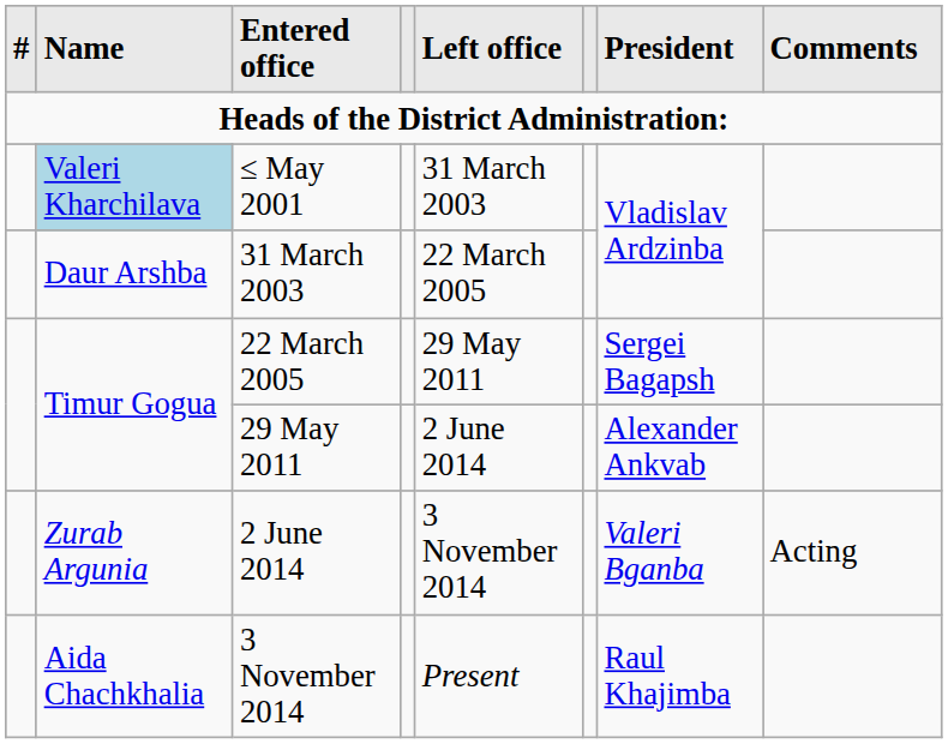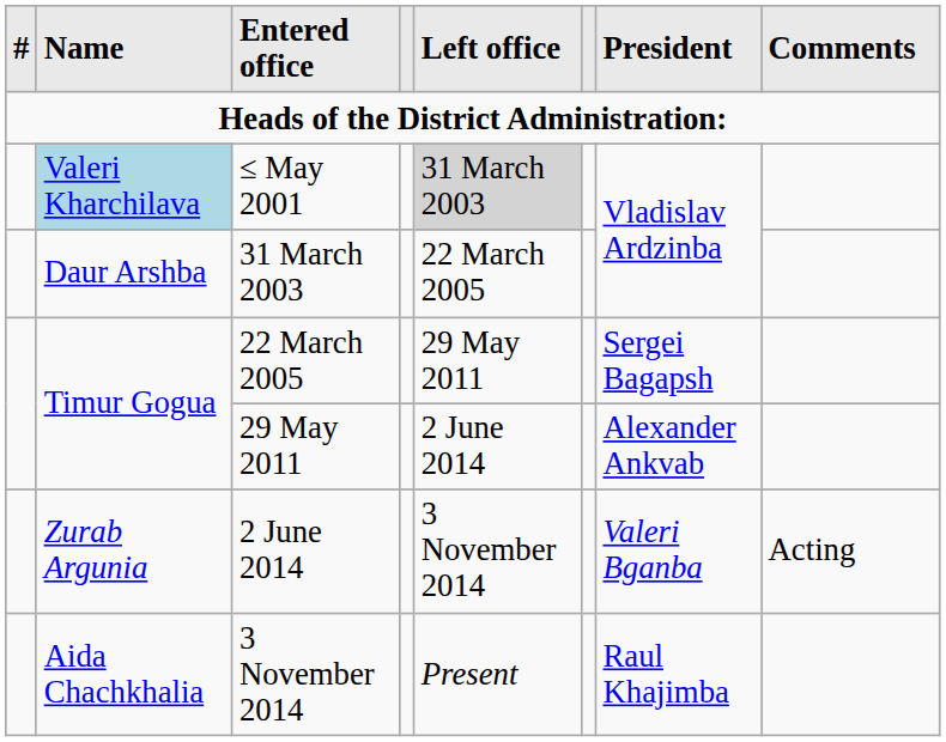 <table class="wikitable" style="width:75%;">
 <tr style="background:#e9e9e9; font-weight:bold; text-align:left;">
 <td>#</td>
 <td width=240>Name</td>
 <td width=200>Entered office</td>
 <td></td>
 <td width=200>Left office</td>
 <td></td>
 <td width=200>President</td>
 <td width=200>Comments</td>
 </tr>
 <tr>
 <td colspan=8 align=center><strong>Heads of the District Administration:</strong></td>
 </tr>
 <tr>
 <td></td>
 <td style="background: lightblue;"><a href='#'>Valeri Kharchilava</a></td>
 <td>≤ May 2001</td>
 <td></td>
-<td>31 March 2003</td>
+<td style="background: lightgrey;">31 March 2003</td>
 <td></td>
 <td rowspan=2><a href='#'>Vladislav Ardzinba</a></td>
 <td></td>
 </tr>
 <tr>
 <td></td>
 <td><a href='#'>Daur Arshba</a></td>
 <td>31 March 2003</td>
 <td></td>
 <td>22 March 2005</td>
 <td></td>
 <td></td>
 </tr>
 <tr>
 <td rowspan=2></td>
 <td rowspan=2><a href='#'>Timur Gogua</a></td>
 <td>22 March 2005</td>
 <td></td>
 <td>29 May 2011</td>
 <td></td>
 <td><a href='#'>Sergei Bagapsh</a></td>
 <td></td>
 </tr>
 <tr>
 <td>29 May 2011</td>
 <td></td>
 <td>2 June 2014</td>
 <td></td>
 <td><a href='#'>Alexander Ankvab</a></td>
 <td></td>
 </tr>
 <tr>
 <td></td>
 <td><em><a href='#'>Zurab Argunia</a></em></td>
 <td>2 June 2014</td>
 <td></td>
 <td>3 November 2014</td>
 <td></td>
 <td><em><a href='#'>Valeri Bganba</a></em></td>
 <td>Acting</td>
 </tr>
 <tr>
 <td></td>
 <td><a href='#'>Aida Chachkhalia</a></td>
 <td>3 November 2014</td>
 <td></td>
 <td><em>Present</em></td>
 <td></td>
 <td><a href='#'>Raul Khajimba</a></td>
 <td></td>
 </tr>
 </table>
